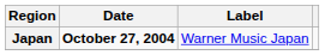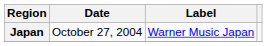 <table class="wikitable plainrowheaders">
 <tr>
 <th scope="col">Region</th>
 <th scope="col">Date</th>
 <th scope="col">Label</th>
 <th scope="col"></th>
 </tr>
 <tr>
 <th scope="row">Japan</th>
-<td><strong>October 27, 2004</strong></td>
+<td>October 27, 2004</td>
 <td><a href='#'>Warner Music Japan</a></td>
 <td></td>
 </tr>
 <tr>
 </tr>
 </table>
